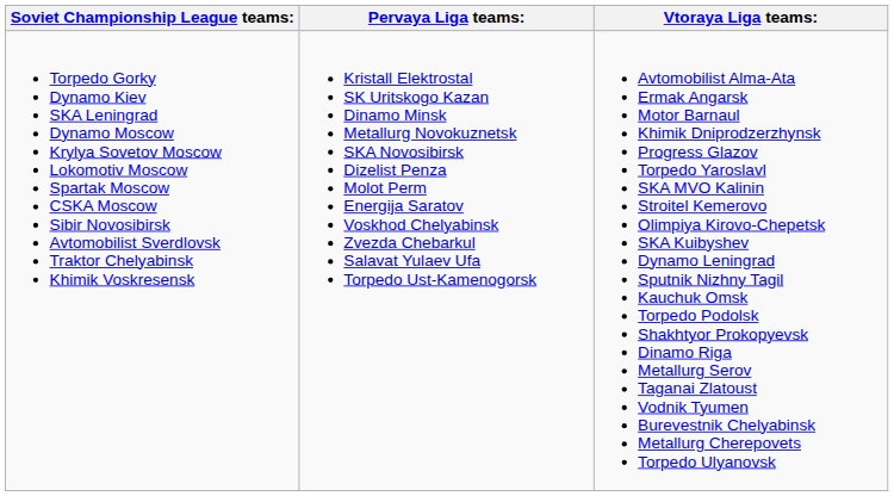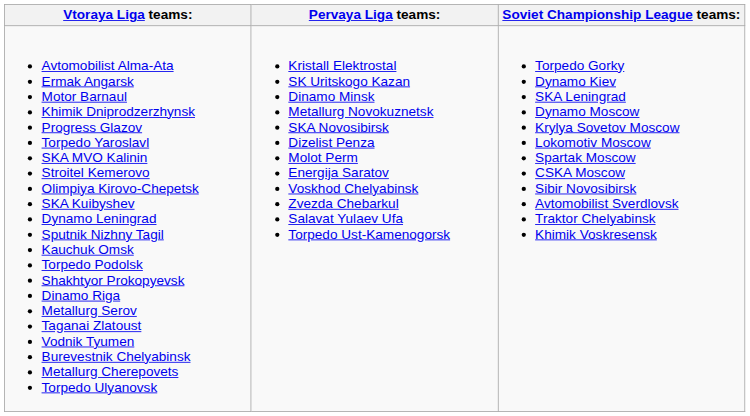 <table class="wikitable">
 <tr valign="top" bgcolor="#e0e0e0">
+<th align="center" width="33%"><a href='#'>Vtoraya Liga</a> teams:</th>
+<th align="center" width="33%"><a href='#'>Pervaya Liga</a> teams:</th>
 <th align="center" width="33%"><a href='#'>Soviet Championship League</a> teams:</th>
-<th align="center" width="33%"><a href='#'>Pervaya Liga</a> teams:</th>
-<th align="center" width="33%"><a href='#'>Vtoraya Liga</a> teams:</th>
 </tr>
 <tr valign="top">
+<td><br><ul><li><a href='#'>Avtomobilist Alma-Ata</a></li><li><a href='#'>Ermak Angarsk</a></li><li><a href='#'>Motor Barnaul</a></li><li><a href='#'>Khimik Dniprodzerzhynsk</a></li><li><a href='#'>Progress Glazov</a></li><li><a href='#'>Torpedo Yaroslavl</a></li><li><a href='#'>SKA MVO Kalinin</a></li><li><a href='#'>Stroitel Kemerovo</a></li><li><a href='#'>Olimpiya Kirovo-Chepetsk</a></li><li><a href='#'>SKA Kuibyshev</a></li><li><a href='#'>Dynamo Leningrad</a></li><li><a href='#'>Sputnik Nizhny Tagil</a></li><li><a href='#'>Kauchuk Omsk</a></li><li><a href='#'>Torpedo Podolsk</a></li><li><a href='#'>Shakhtyor Prokopyevsk</a></li><li><a href='#'>Dinamo Riga</a></li><li><a href='#'>Metallurg Serov</a></li><li><a href='#'>Taganai Zlatoust</a></li><li><a href='#'>Vodnik Tyumen</a></li><li><a href='#'>Burevestnik Chelyabinsk</a></li><li><a href='#'>Metallurg Cherepovets</a></li><li><a href='#'>Torpedo Ulyanovsk</a></li></ul></td>
+<td><br><ul><li><a href='#'>Kristall Elektrostal</a></li><li><a href='#'>SK Uritskogo Kazan</a></li><li><a href='#'>Dinamo Minsk</a></li><li><a href='#'>Metallurg Novokuznetsk</a></li><li><a href='#'>SKA Novosibirsk</a></li><li><a href='#'>Dizelist Penza</a></li><li><a href='#'>Molot Perm</a></li><li><a href='#'>Energija Saratov</a></li><li><a href='#'>Voskhod Chelyabinsk</a></li><li><a href='#'>Zvezda Chebarkul</a></li><li><a href='#'>Salavat Yulaev Ufa</a></li><li><a href='#'>Torpedo Ust-Kamenogorsk</a></li></ul></td>
 <td><br><ul><li><a href='#'>Torpedo Gorky</a></li><li><a href='#'>Dynamo Kiev</a></li><li><a href='#'>SKA Leningrad</a></li><li><a href='#'>Dynamo Moscow</a></li><li><a href='#'>Krylya Sovetov Moscow</a></li><li><a href='#'>Lokomotiv Moscow</a></li><li><a href='#'>Spartak Moscow</a></li><li><a href='#'>CSKA Moscow</a></li><li><a href='#'>Sibir Novosibirsk</a></li><li><a href='#'>Avtomobilist Sverdlovsk</a></li><li><a href='#'>Traktor Chelyabinsk</a></li><li><a href='#'>Khimik Voskresensk</a></li></ul></td>
-<td><br><ul><li><a href='#'>Kristall Elektrostal</a></li><li><a href='#'>SK Uritskogo Kazan</a></li><li><a href='#'>Dinamo Minsk</a></li><li><a href='#'>Metallurg Novokuznetsk</a></li><li><a href='#'>SKA Novosibirsk</a></li><li><a href='#'>Dizelist Penza</a></li><li><a href='#'>Molot Perm</a></li><li><a href='#'>Energija Saratov</a></li><li><a href='#'>Voskhod Chelyabinsk</a></li><li><a href='#'>Zvezda Chebarkul</a></li><li><a href='#'>Salavat Yulaev Ufa</a></li><li><a href='#'>Torpedo Ust-Kamenogorsk</a></li></ul></td>
-<td><br><ul><li><a href='#'>Avtomobilist Alma-Ata</a></li><li><a href='#'>Ermak Angarsk</a></li><li><a href='#'>Motor Barnaul</a></li><li><a href='#'>Khimik Dniprodzerzhynsk</a></li><li><a href='#'>Progress Glazov</a></li><li><a href='#'>Torpedo Yaroslavl</a></li><li><a href='#'>SKA MVO Kalinin</a></li><li><a href='#'>Stroitel Kemerovo</a></li><li><a href='#'>Olimpiya Kirovo-Chepetsk</a></li><li><a href='#'>SKA Kuibyshev</a></li><li><a href='#'>Dynamo Leningrad</a></li><li><a href='#'>Sputnik Nizhny Tagil</a></li><li><a href='#'>Kauchuk Omsk</a></li><li><a href='#'>Torpedo Podolsk</a></li><li><a href='#'>Shakhtyor Prokopyevsk</a></li><li><a href='#'>Dinamo Riga</a></li><li><a href='#'>Metallurg Serov</a></li><li><a href='#'>Taganai Zlatoust</a></li><li><a href='#'>Vodnik Tyumen</a></li><li><a href='#'>Burevestnik Chelyabinsk</a></li><li><a href='#'>Metallurg Cherepovets</a></li><li><a href='#'>Torpedo Ulyanovsk</a></li></ul></td>
 </tr>
 </table>
